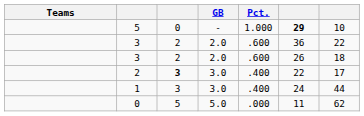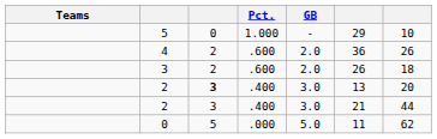 <table class="wikitable" style="text-align:center;">
 <tr>
 <th width=150px>Teams</th>
 <th width=50px></th>
 <th width=50px></th>
+<th width=50px><a href='#'>Pct.</a></th>
 <th width=50px><a href='#'>GB</a></th>
-<th width=50px><a href='#'>Pct.</a></th>
 <th width=50px></th>
 <th width=50px></th>
 </tr>
 <tr style="background-color:">
 <td align=left></td>
 <td>5</td>
 <td>0</td>
+<td>1.000</td>
 <td>-</td>
-<td>1.000</td>
-<td><strong>29</strong></td>
+<td>29</td>
 <td>10</td>
 </tr>
 <tr style="background-color:">
 <td align="left"></td>
-<td>3</td>
+<td>4</td>
 <td>2</td>
+<td>.600</td>
 <td>2.0</td>
-<td>.600</td>
 <td>36</td>
-<td>22</td>
+<td>26</td>
 </tr>
 <tr style="background-color:">
 <td align=left></td>
 <td>3</td>
 <td>2</td>
+<td>.600</td>
 <td>2.0</td>
-<td>.600</td>
 <td>26</td>
 <td>18</td>
 </tr>
 <tr style="background-color:">
 <td align="left"></td>
 <td>2</td>
 <td><strong>3</strong></td>
+<td>.400</td>
 <td>3.0</td>
-<td>.400</td>
-<td>22</td>
-<td>17</td>
+<td>13</td>
+<td>20</td>
 </tr>
 <tr style="background-color:">
 <td align=left></td>
-<td>1</td>
+<td>2</td>
 <td>3</td>
+<td>.400</td>
 <td>3.0</td>
-<td>.400</td>
-<td>24</td>
+<td>21</td>
 <td>44</td>
 </tr>
 <tr style="background-color:">
 <td align=left></td>
 <td>0</td>
 <td>5</td>
+<td>.000</td>
 <td>5.0</td>
-<td>.000</td>
 <td>11</td>
 <td>62</td>
 </tr>
 </table>
